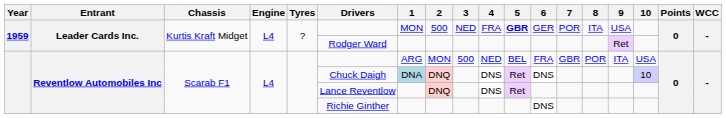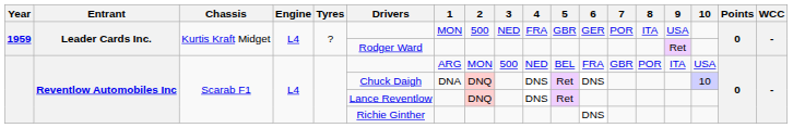 <table class="wikitable" style="text-align:center; font-size:95%">
 <tr>
 <th>Year</th>
 <th>Entrant</th>
 <th>Chassis</th>
 <th>Engine</th>
 <th>Tyres</th>
 <th>Drivers</th>
 <th>1</th>
 <th>2</th>
 <th>3</th>
 <th>4</th>
 <th>5</th>
 <th>6</th>
 <th>7</th>
 <th>8</th>
 <th>9</th>
 <th>10</th>
 <th>Points</th>
 <th>WCC</th>
 </tr>
 <tr>
 <th rowspan="2"><a href='#'>1959</a></th>
 <th rowspan="2">Leader Cards Inc.</th>
 <td rowspan="2"><a href='#'>Kurtis Kraft</a> Midget</td>
 <td rowspan="2"><a href='#'>L4</a></td>
 <td rowspan="2">?</td>
 <td></td>
 <td><a href='#'>MON</a></td>
 <td><a href='#'>500</a></td>
 <td><a href='#'>NED</a></td>
 <td><a href='#'>FRA</a></td>
-<td><strong><a href='#'>GBR</a></strong></td>
+<td><a href='#'>GBR</a></td>
 <td><a href='#'>GER</a></td>
 <td><a href='#'>POR</a></td>
 <td><a href='#'>ITA</a></td>
 <td><a href='#'>USA</a></td>
 <td></td>
 <th rowspan="2">0</th>
 <th rowspan="2">-</th>
 </tr>
 <tr>
 <td><a href='#'>Rodger Ward</a></td>
 <td></td>
 <td></td>
 <td></td>
 <td></td>
 <td></td>
 <td></td>
 <td></td>
 <td></td>
 <td style="background:#EFCFFF;">Ret</td>
 <td></td>
 </tr>
 <tr>
 <th rowspan="4"></th>
 <th rowspan="4"><a href='#'>Reventlow Automobiles Inc</a></th>
 <td rowspan="4"><a href='#'>Scarab F1</a></td>
 <td rowspan="4"><a href='#'>L4</a></td>
 <td rowspan="4"></td>
 <td></td>
 <td><a href='#'>ARG</a></td>
 <td><a href='#'>MON</a></td>
 <td><a href='#'>500</a></td>
 <td><a href='#'>NED</a></td>
 <td><a href='#'>BEL</a></td>
 <td><a href='#'>FRA</a></td>
 <td><a href='#'>GBR</a></td>
 <td><a href='#'>POR</a></td>
 <td><a href='#'>ITA</a></td>
 <td><a href='#'>USA</a></td>
 <th rowspan="4"><strong>0</strong></th>
 <th rowspan="4"><strong>-</strong></th>
 </tr>
 <tr>
 <td><a href='#'>Chuck Daigh</a></td>
-<td style="background: lightblue;">DNA</td>
+<td>DNA</td>
 <td style="background:#FFCFCF;">DNQ</td>
 <td></td>
 <td style="background:#FFFFFF;">DNS</td>
 <td style="background:#EFCFFF;">Ret</td>
 <td style="background:#FFFFFF;">DNS</td>
 <td></td>
 <td></td>
 <td></td>
 <td style="background:#CFCFFF;">10</td>
 </tr>
 <tr>
 <td><a href='#'>Lance Reventlow</a></td>
 <td></td>
 <td style="background:#FFCFCF;">DNQ</td>
 <td></td>
 <td style="background:#FFFFFF;">DNS</td>
 <td style="background:#EFCFFF;">Ret</td>
 <td></td>
 <td></td>
 <td></td>
 <td></td>
 <td></td>
 </tr>
 <tr>
 <td><a href='#'>Richie Ginther</a></td>
 <td></td>
 <td></td>
 <td></td>
 <td></td>
 <td></td>
 <td style="background:#FFFFFF;">DNS</td>
 <td></td>
 <td></td>
 <td></td>
 <td></td>
 </tr>
 </table>
